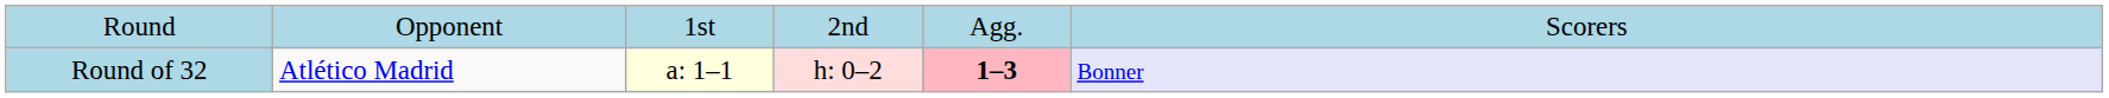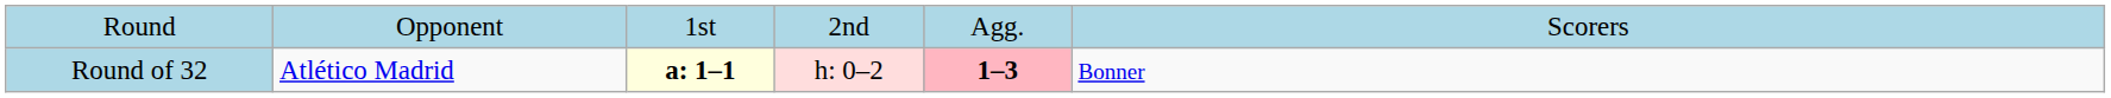 <table class="wikitable" style="text-align:center">
 <tr bgcolor=lightblue>
 <td width=150px>Round</td>
 <td width=200px>Opponent</td>
 <td width=80px>1st</td>
 <td width=80px>2nd</td>
 <td width=80px>Agg.</td>
 <td width=600px>Scorers</td>
 </tr>
 <tr>
 <td bgcolor=lightblue>Round of 32</td>
 <td align=left> <a href='#'>Atlético Madrid</a></td>
-<td bgcolor=#ffffdd>a: 1–1</td>
+<td bgcolor=#ffffdd><strong>a: 1–1</strong></td>
 <td bgcolor=#ffdddd>h: 0–2</td>
 <td bgcolor=lightpink><strong>1–3</strong></td>
-<td align=left style="background: lavender;"><small><a href='#'>Bonner</a></small></td>
+<td align=left><small><a href='#'>Bonner</a></small></td>
 </tr>
 </table>
